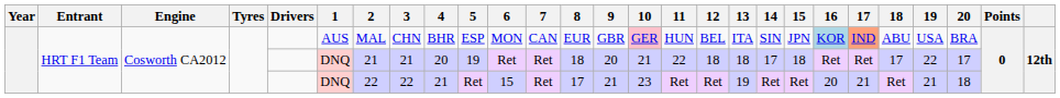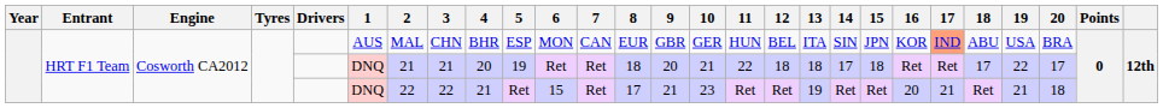 <table class="wikitable" style="text-align:center; font-size:95%">
 <tr>
 <th>Year</th>
 <th>Entrant</th>
 <th>Engine</th>
 <th>Tyres</th>
 <th>Drivers</th>
 <th>1</th>
 <th>2</th>
 <th>3</th>
 <th>4</th>
 <th>5</th>
 <th>6</th>
 <th>7</th>
 <th>8</th>
 <th>9</th>
 <th>10</th>
 <th>11</th>
 <th>12</th>
 <th>13</th>
 <th>14</th>
 <th>15</th>
 <th>16</th>
 <th>17</th>
 <th>18</th>
 <th>19</th>
 <th>20</th>
 <th>Points</th>
 <th></th>
 </tr>
 <tr>
 <th rowspan=3></th>
 <td rowspan=3><a href='#'>HRT F1 Team</a></td>
 <td rowspan=3><a href='#'>Cosworth</a> CA2012</td>
 <td rowspan=3></td>
 <td></td>
 <td><a href='#'>AUS</a></td>
 <td><a href='#'>MAL</a></td>
 <td><a href='#'>CHN</a></td>
 <td><a href='#'>BHR</a></td>
 <td><a href='#'>ESP</a></td>
 <td><a href='#'>MON</a></td>
 <td><a href='#'>CAN</a></td>
 <td><a href='#'>EUR</a></td>
 <td><a href='#'>GBR</a></td>
-<td style="background: pink;"><a href='#'>GER</a></td>
+<td><a href='#'>GER</a></td>
 <td><a href='#'>HUN</a></td>
 <td><a href='#'>BEL</a></td>
 <td><a href='#'>ITA</a></td>
 <td><a href='#'>SIN</a></td>
 <td><a href='#'>JPN</a></td>
-<td style="background: lightblue;"><a href='#'>KOR</a></td>
+<td><a href='#'>KOR</a></td>
 <td style="background: lightsalmon;"><a href='#'>IND</a></td>
 <td><a href='#'>ABU</a></td>
 <td><a href='#'>USA</a></td>
 <td><a href='#'>BRA</a></td>
 <th rowspan="3">0</th>
 <th rowspan="3">12th</th>
 </tr>
 <tr>
 <td align=left></td>
 <td style="background:#ffcfcf;">DNQ</td>
 <td style="background:#cfcfff;">21</td>
 <td style="background:#cfcfff;">21</td>
 <td style="background:#cfcfff;">20</td>
 <td style="background:#cfcfff;">19</td>
 <td style="background:#efcfff;">Ret</td>
 <td style="background:#efcfff;">Ret</td>
 <td style="background:#cfcfff;">18</td>
 <td style="background:#cfcfff;">20</td>
 <td style="background:#cfcfff;">21</td>
 <td style="background:#cfcfff;">22</td>
 <td style="background:#cfcfff;">18</td>
 <td style="background:#cfcfff;">18</td>
 <td style="background:#cfcfff;">17</td>
 <td style="background:#cfcfff;">18</td>
 <td style="background:#efcfff;">Ret</td>
 <td style="background:#efcfff;">Ret</td>
 <td style="background:#cfcfff;">17</td>
 <td style="background:#cfcfff;">22</td>
 <td style="background:#cfcfff;">17</td>
 </tr>
 <tr>
 <td align=left></td>
 <td style="background:#ffcfcf;">DNQ</td>
 <td style="background:#cfcfff;">22</td>
 <td style="background:#cfcfff;">22</td>
 <td style="background:#cfcfff;">21</td>
 <td style="background:#efcfff;">Ret</td>
 <td style="background:#cfcfff;">15</td>
 <td style="background:#efcfff;">Ret</td>
 <td style="background:#cfcfff;">17</td>
 <td style="background:#cfcfff;">21</td>
 <td style="background:#cfcfff;">23</td>
 <td style="background:#efcfff;">Ret</td>
 <td style="background:#efcfff;">Ret</td>
 <td style="background:#cfcfff;">19</td>
 <td style="background:#efcfff;">Ret</td>
 <td style="background:#efcfff;">Ret</td>
 <td style="background:#cfcfff;">20</td>
 <td style="background:#cfcfff;">21</td>
 <td style="background:#efcfff;">Ret</td>
 <td style="background:#cfcfff;">21</td>
 <td style="background:#cfcfff;">18</td>
 </tr>
 </table>
